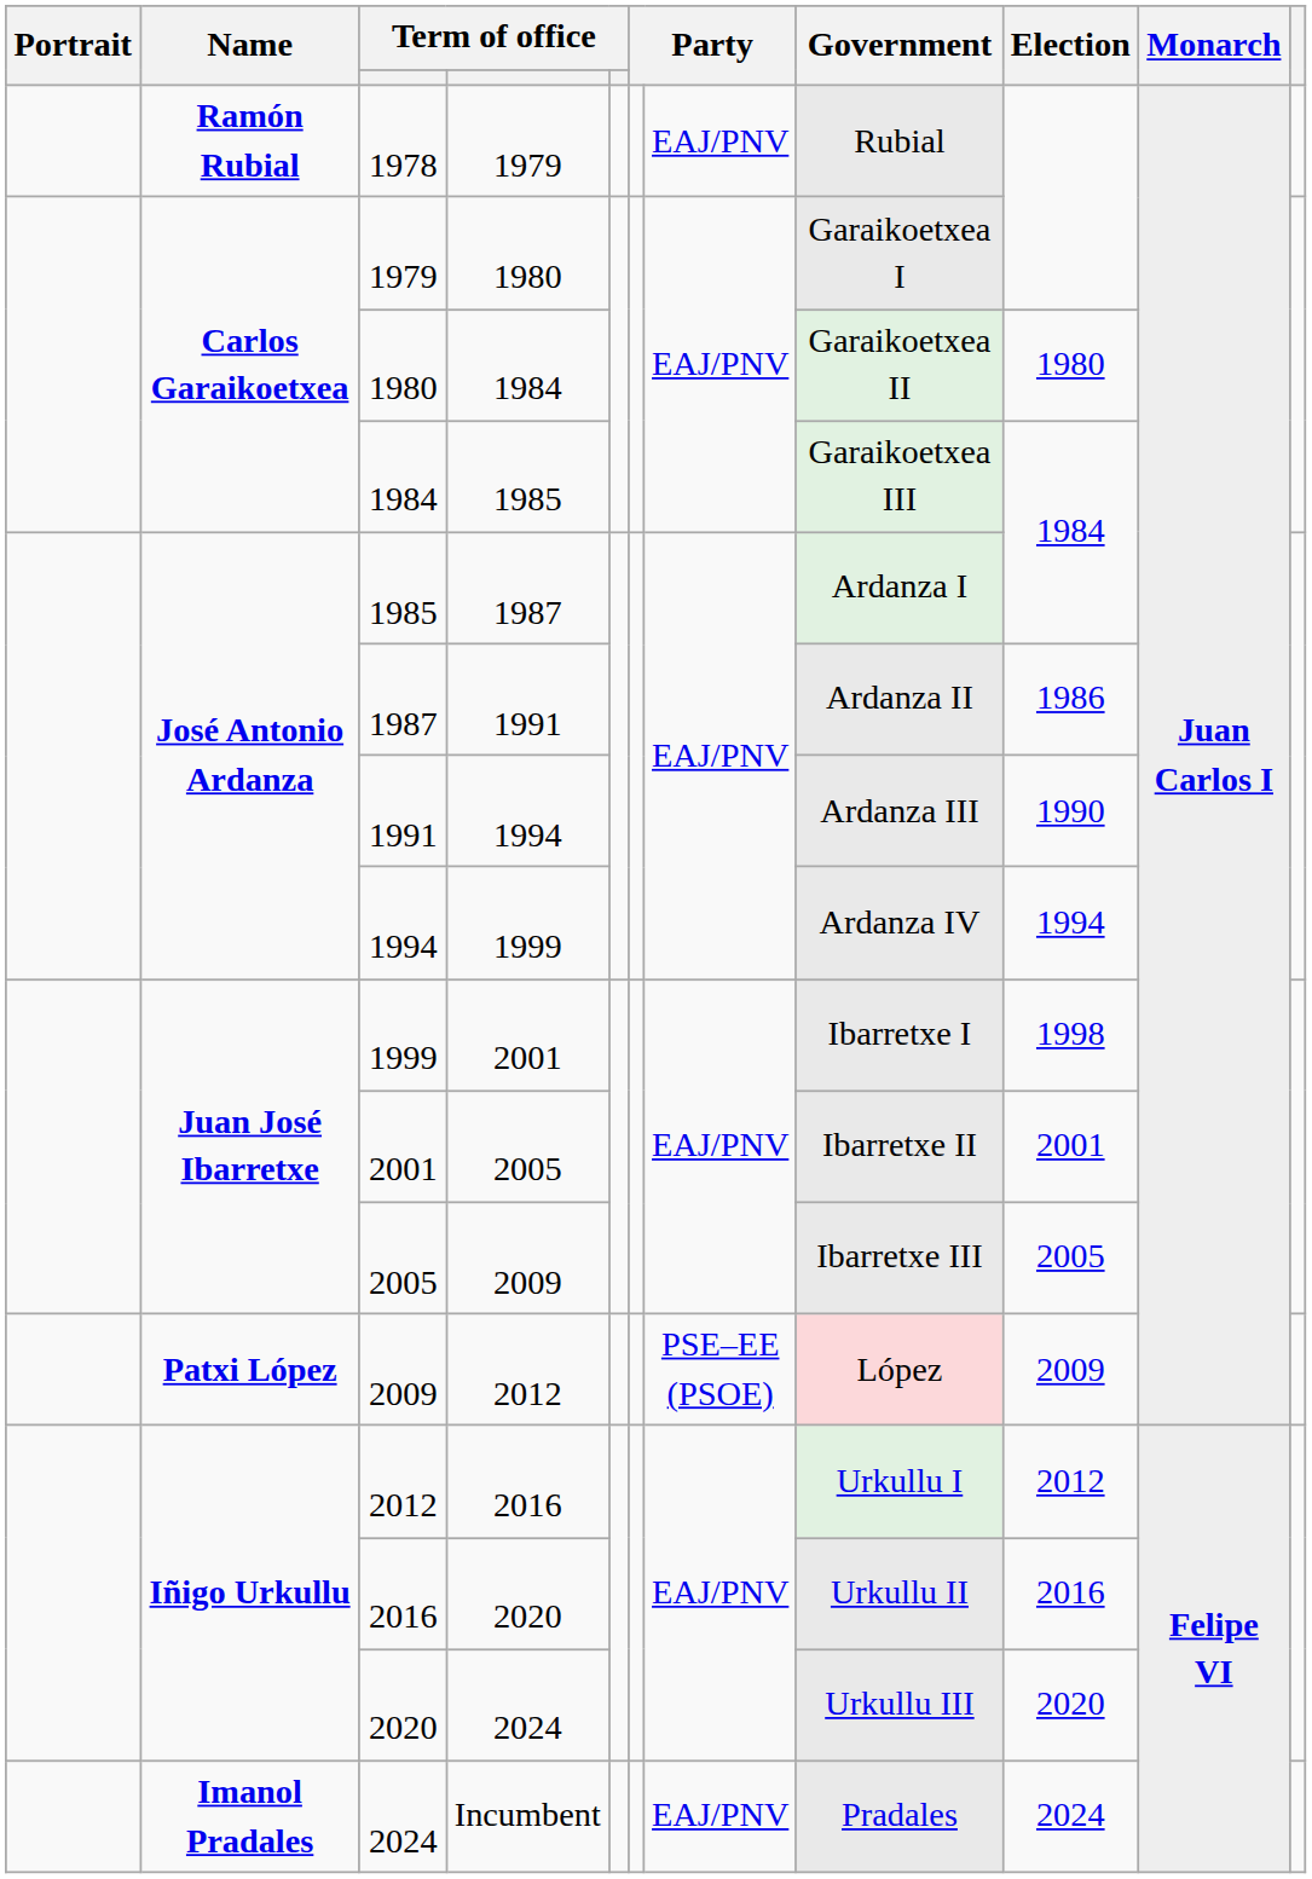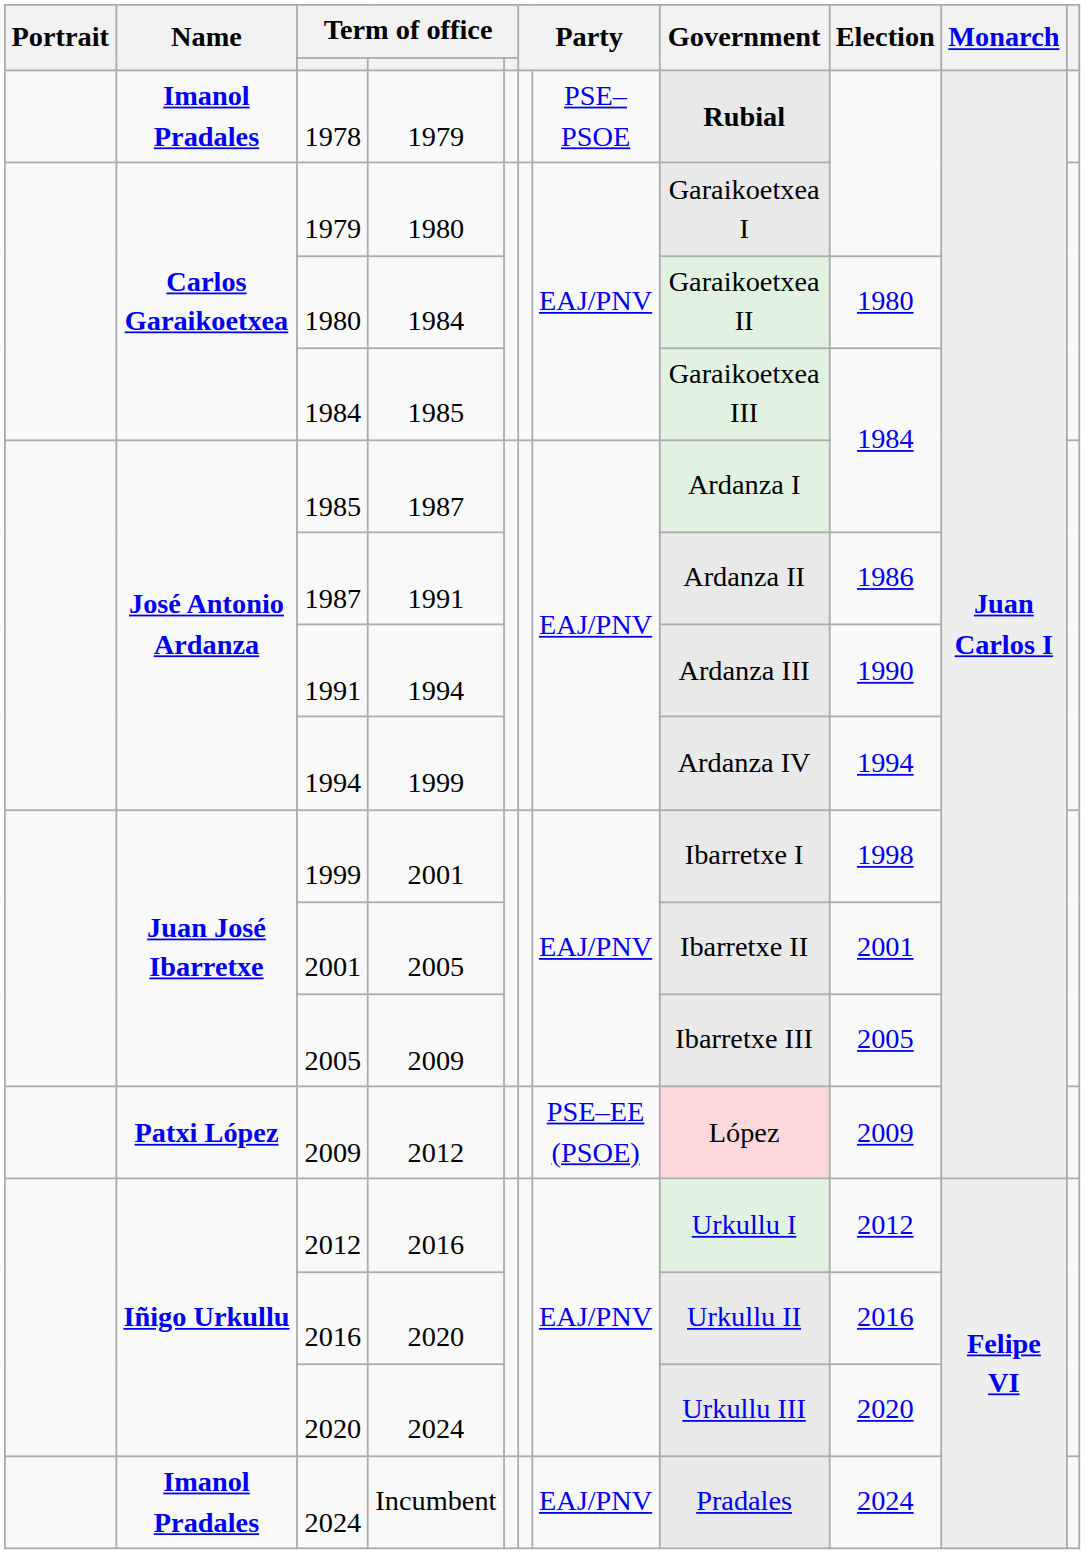 <table class="wikitable" style="line-height:1.4em; text-align:center; border:1px #aaf solid;">
 <tr>
 <th rowspan="2" width="65">Portrait</th>
 <th rowspan="2" width="250">Name<br></th>
 <th colspan="3">Term of office</th>
 <th rowspan="2" colspan="2" width="90">Party</th>
 <th rowspan="2" width="225">Government<br></th>
 <th rowspan="2" width="65">Election</th>
 <th rowspan="2" width="75"><a href='#'>Monarch</a><br></th>
 <th rowspan="2"></th>
 </tr>
 <tr>
 <th width="85"></th>
 <th width="85"></th>
 <th width="85"></th>
 </tr>
 <tr>
 <td width="65"></td>
-<td><strong><a href='#'>Ramón Rubial</a></strong><br></td>
+<td><strong><a href='#'>Imanol Pradales</a></strong><br></td>
 <td class="nowrap"><br>1978</td>
 <td class="nowrap"><br>1979</td>
 <td style="font-size:95%;"></td>
 <td width="1" style="color:inherit;background:"></td>
-<td><a href='#'>EAJ/PNV</a></td>
-<td style="background:#E9E9E9;">Rubial<br></td>
+<td width="90"><a href='#'>PSE–PSOE</a></td>
+<td style="background:#E9E9E9;"><strong>Rubial<br></strong></td>
 <td rowspan="2" style="color:#ccc;"></td>
 <td rowspan="13" scope="row" bgcolor="#EEEEEE"><br><strong><a href='#'>Juan Carlos I</a></strong><br><br></td>
 <td></td>
 </tr>
 <tr>
 <td rowspan="3"></td>
 <td rowspan="3"><strong><a href='#'>Carlos Garaikoetxea</a></strong><br></td>
 <td class="nowrap"><br>1979</td>
 <td class="nowrap"><br>1980</td>
 <td rowspan="3" style="font-size:95%;"></td>
 <td rowspan="3" style="color:inherit;background:"></td>
 <td rowspan="3"><a href='#'>EAJ/PNV</a></td>
 <td style="background:#E9E9E9;">Garaikoetxea I<br></td>
 <td rowspan="3"><br><br></td>
 </tr>
 <tr>
 <td class="nowrap"><br>1980</td>
 <td class="nowrap"><br>1984</td>
 <td style="background:#E1F2E1;">Garaikoetxea II<br></td>
 <td><a href='#'>1980</a></td>
 </tr>
 <tr>
 <td class="nowrap"><br>1984</td>
 <td class="nowrap"><br>1985</td>
 <td style="background:#E1F2E1;">Garaikoetxea III<br></td>
 <td rowspan="2"><a href='#'>1984</a></td>
 </tr>
 <tr>
 <td rowspan="4"></td>
 <td rowspan="4"><strong><a href='#'>José Antonio Ardanza</a></strong><br></td>
 <td class="nowrap"><br>1985</td>
 <td class="nowrap"><br>1987</td>
 <td rowspan="4" style="font-size:95%;"></td>
 <td rowspan="4" style="color:inherit;background:"></td>
 <td rowspan="4"><a href='#'>EAJ/PNV</a></td>
 <td style="background:#E1F2E1;">Ardanza I<br></td>
 <td rowspan="4"><br><br><br></td>
 </tr>
 <tr>
 <td class="nowrap"><br>1987</td>
 <td class="nowrap"><br>1991</td>
 <td style="background:#E9E9E9;">Ardanza II<br></td>
 <td><a href='#'>1986</a></td>
 </tr>
 <tr>
 <td class="nowrap"><br>1991</td>
 <td class="nowrap"><br>1994</td>
 <td style="background:#E9E9E9;">Ardanza III<br></td>
 <td><a href='#'>1990</a></td>
 </tr>
 <tr>
 <td class="nowrap"><br>1994</td>
 <td class="nowrap"><br>1999</td>
 <td style="background:#E9E9E9;">Ardanza IV<br></td>
 <td><a href='#'>1994</a></td>
 </tr>
 <tr>
 <td rowspan="3"></td>
 <td rowspan="3"><strong><a href='#'>Juan José Ibarretxe</a></strong><br></td>
 <td class="nowrap"><br>1999</td>
 <td class="nowrap"><br>2001</td>
 <td rowspan="3" style="font-size:95%;"></td>
 <td rowspan="3" style="color:inherit;background:"></td>
 <td rowspan="3"><a href='#'>EAJ/PNV</a></td>
 <td style="background:#E9E9E9;">Ibarretxe I<br></td>
 <td><a href='#'>1998</a></td>
 <td rowspan="3"><br><br><br></td>
 </tr>
 <tr>
 <td class="nowrap"><br>2001</td>
 <td class="nowrap"><br>2005</td>
 <td style="background:#E9E9E9;">Ibarretxe II<br></td>
 <td><a href='#'>2001</a></td>
 </tr>
 <tr>
 <td class="nowrap"><br>2005</td>
 <td class="nowrap"><br>2009</td>
 <td style="background:#E9E9E9;">Ibarretxe III<br></td>
 <td><a href='#'>2005</a></td>
 </tr>
 <tr>
 <td></td>
 <td><strong><a href='#'>Patxi López</a></strong><br></td>
 <td class="nowrap"><br>2009</td>
 <td class="nowrap"><br>2012</td>
 <td style="font-size:95%;"></td>
 <td style="color:inherit;background:"></td>
 <td><a href='#'>PSE–EE<br>(PSOE)</a></td>
 <td style="background:#FCD8DA;">López<br></td>
 <td><a href='#'>2009</a></td>
 <td><br></td>
 </tr>
 <tr>
 <td rowspan="4"></td>
 <td rowspan="4"><strong><a href='#'>Iñigo Urkullu</a></strong><br></td>
 <td rowspan="2" class="nowrap"><br>2012</td>
 <td rowspan="2" class="nowrap"><br>2016</td>
 <td rowspan="4" style="font-size:95%;"></td>
 <td rowspan="4" style="color:inherit;background:"></td>
 <td rowspan="4"><a href='#'>EAJ/PNV</a></td>
 <td rowspan="2" style="background:#E1F2E1;"><a href='#'>Urkullu I</a><br></td>
 <td rowspan="2"><a href='#'>2012</a></td>
 <td rowspan="4"><br><br><br></td>
 </tr>
 <tr>
 <td rowspan="4" scope="row" bgcolor="#EEEEEE"><br><strong><a href='#'>Felipe VI</a></strong><br><br></td>
 </tr>
 <tr>
 <td class="nowrap"><br>2016</td>
 <td class="nowrap"><br>2020</td>
 <td style="background:#E9E9E9;"><a href='#'>Urkullu II</a><br></td>
 <td><a href='#'>2016</a></td>
 </tr>
 <tr>
 <td class="nowrap"><br>2020</td>
 <td class="nowrap"><br>2024</td>
 <td style="background:#E9E9E9;"><a href='#'>Urkullu III</a><br></td>
 <td><a href='#'>2020</a></td>
 </tr>
 <tr>
 <td></td>
 <td><strong><a href='#'>Imanol Pradales</a></strong><br></td>
 <td class="nowrap"><br>2024</td>
 <td class="nowrap">Incumbent</td>
 <td style="font-size:95%;"></td>
 <td style="color:inherit;background:"></td>
 <td><a href='#'>EAJ/PNV</a></td>
 <td style="background:#E9E9E9;"><a href='#'>Pradales</a><br></td>
 <td><a href='#'>2024</a></td>
 <td></td>
 </tr>
 </table>
